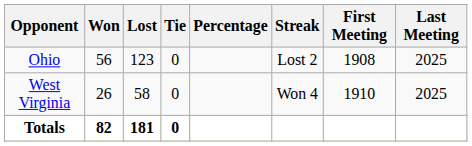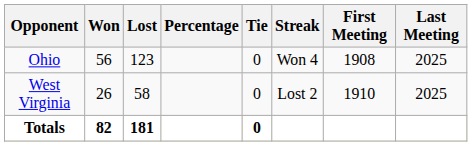 <table cellpadding="1" style="width:75%;" class="wikitable">
 <tr>
 <th>Opponent</th>
 <th>Won</th>
 <th>Lost</th>
+<th>Percentage</th>
 <th>Tie</th>
-<th>Percentage</th>
 <th>Streak</th>
 <th>First Meeting</th>
 <th>Last Meeting</th>
 </tr>
 <tr style="text-align:center;">
 <td><a href='#'>Ohio</a></td>
 <td>56</td>
 <td>123</td>
+<td></td>
 <td>0</td>
-<td></td>
-<td>Lost 2</td>
+<td>Won 4</td>
 <td>1908</td>
 <td>2025</td>
 </tr>
 <tr style="text-align:center;">
 <td><a href='#'>West Virginia</a></td>
 <td>26</td>
 <td>58</td>
+<td></td>
 <td>0</td>
-<td></td>
-<td>Won 4</td>
+<td>Lost 2</td>
 <td>1910</td>
 <td>2025</td>
 </tr>
 <tr class="unsortable" style="text-align:center; background:#CCCC66;">
 <th style="background:white; color:black;"><strong>Totals</strong></th>
 <th style="background:white; color:black;"><strong>82</strong></th>
 <th style="background:white; color:black;"><strong>181</strong></th>
+<th style="background:white; color:black;"><strong></strong></th>
 <th style="background:white; color:black;"><strong>0</strong></th>
-<th style="background:white; color:black;"><strong></strong></th>
 <th style="background:white; color:black;"></th>
 <th style="background:white; color:black;"></th>
 <th style="background:white; color:black;"></th>
 </tr>
 </table>
